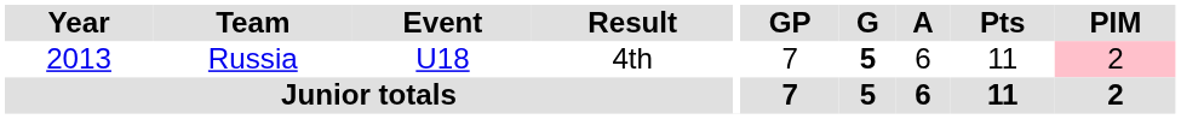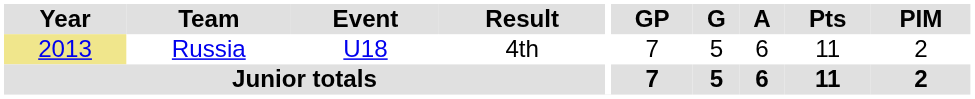 <table border="0" cellpadding="1" cellspacing="0" ID="Table3" style="text-align:center; width:40em">
 <tr ALIGN="center" bgcolor="#e0e0e0">
 <th>Year</th>
 <th>Team</th>
 <th>Event</th>
 <th>Result</th>
 <th rowspan="99" bgcolor="#ffffff"></th>
 <th>GP</th>
 <th>G</th>
 <th>A</th>
 <th>Pts</th>
 <th>PIM</th>
 </tr>
 <tr>
-<td><a href='#'>2013</a></td>
+<td style="background: khaki;"><a href='#'>2013</a></td>
 <td><a href='#'>Russia</a></td>
 <td><a href='#'>U18</a></td>
 <td>4th</td>
 <td>7</td>
-<td><strong>5</strong></td>
+<td>5</td>
 <td>6</td>
 <td>11</td>
-<td style="background: pink;">2</td>
+<td>2</td>
 </tr>
 <tr bgcolor="#e0e0e0">
 <th colspan="4">Junior totals</th>
 <th>7</th>
 <th>5</th>
 <th>6</th>
 <th>11</th>
 <th>2</th>
 </tr>
 </table>
